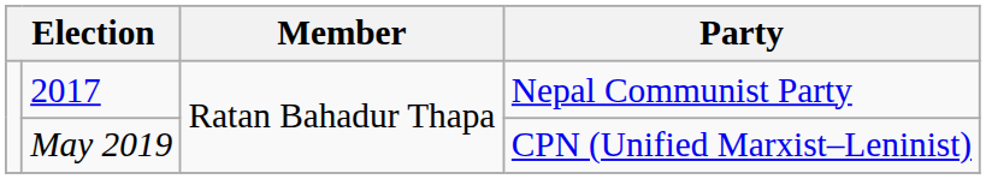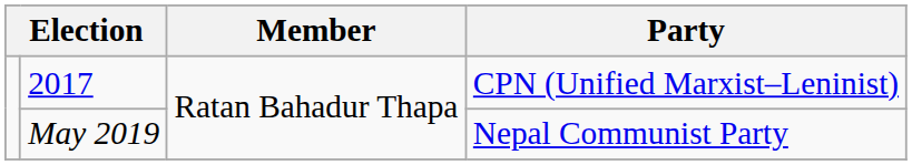 <table class="wikitable">
 <tr>
 <th colspan="2">Election</th>
 <th>Member</th>
 <th>Party</th>
 </tr>
 <tr>
 <td rowspan="2" style="background-color:"></td>
 <td><a href='#'>2017</a></td>
 <td rowspan="2">Ratan Bahadur Thapa</td>
-<td><a href='#'>Nepal Communist Party</a></td>
+<td><a href='#'>CPN (Unified Marxist–Leninist)</a></td>
 </tr>
 <tr>
 <td><em>May 2019</em></td>
-<td><a href='#'>CPN (Unified Marxist–Leninist)</a></td>
+<td><a href='#'>Nepal Communist Party</a></td>
 </tr>
 </table>
